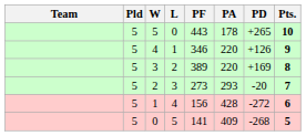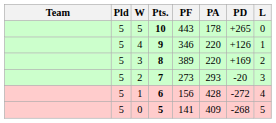 <table class=wikitable style="text-align:center">
 <tr>
 <th width=160>Team</th>
 <th width=20>Pld</th>
 <th width=20>W</th>
-<th width=20>L</th>
+<th width=30>Pts.</th>
 <th width=35>PF</th>
 <th width=35>PA</th>
 <th width=35>PD</th>
-<th width=30>Pts.</th>
+<th width=20>L</th>
 </tr>
 <tr align="center" bgcolor="#CCFFCC">
 <td align=left></td>
 <td>5</td>
 <td>5</td>
-<td>0</td>
+<td><strong>10</strong></td>
 <td>443</td>
 <td>178</td>
 <td>+265</td>
-<td><strong>10</strong></td>
+<td>0</td>
 </tr>
 <tr align="center" bgcolor="#CCFFCC">
 <td align=left></td>
 <td>5</td>
 <td>4</td>
-<td>1</td>
+<td><strong>9</strong></td>
 <td>346</td>
 <td>220</td>
 <td>+126</td>
-<td><strong>9</strong></td>
+<td>1</td>
 </tr>
 <tr align="center" bgcolor="#CCFFCC">
 <td align=left></td>
 <td>5</td>
 <td>3</td>
-<td>2</td>
+<td><strong>8</strong></td>
 <td>389</td>
 <td>220</td>
 <td>+169</td>
-<td><strong>8</strong></td>
+<td>2</td>
 </tr>
 <tr align="center" bgcolor="#CCFFCC">
 <td align=left></td>
 <td>5</td>
 <td>2</td>
-<td>3</td>
+<td><strong>7</strong></td>
 <td>273</td>
 <td>293</td>
 <td>-20</td>
-<td><strong>7</strong></td>
+<td>3</td>
 </tr>
 <tr align="center" bgcolor="#FFCCCC">
 <td align=left></td>
 <td>5</td>
 <td>1</td>
-<td>4</td>
+<td><strong>6</strong></td>
 <td>156</td>
 <td>428</td>
 <td>-272</td>
-<td><strong>6</strong></td>
+<td>4</td>
 </tr>
 <tr align="center" bgcolor="#FFCCCC">
 <td align=left></td>
 <td>5</td>
 <td>0</td>
-<td>5</td>
+<td><strong>5</strong></td>
 <td>141</td>
 <td>409</td>
 <td>-268</td>
-<td><strong>5</strong></td>
+<td>5</td>
 </tr>
 </table>
